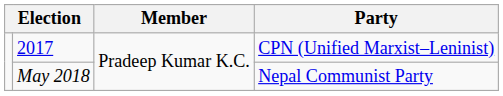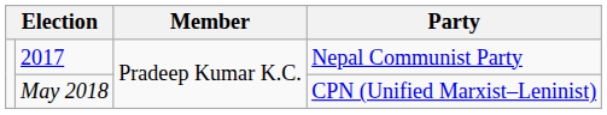 <table class="wikitable">
 <tr>
 <th colspan="2">Election</th>
 <th>Member</th>
 <th>Party</th>
 </tr>
 <tr>
 <td rowspan="2" style="background-color:"></td>
 <td><a href='#'>2017</a></td>
 <td rowspan="2">Pradeep Kumar K.C.</td>
-<td><a href='#'>CPN (Unified Marxist–Leninist)</a></td>
+<td><a href='#'>Nepal Communist Party</a></td>
 </tr>
 <tr>
 <td><em>May 2018</em></td>
-<td><a href='#'>Nepal Communist Party</a></td>
+<td><a href='#'>CPN (Unified Marxist–Leninist)</a></td>
 </tr>
 </table>
